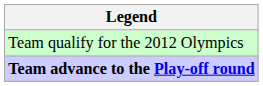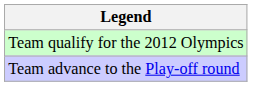 <table class="wikitable">
 <tr>
 <th>Legend</th>
 </tr>
 <tr bgcolor=#ccffcc>
 <td>Team qualify for the 2012 Olympics</td>
 </tr>
 <tr bgcolor=#ccccff>
-<td><strong>Team advance to the <a href='#'>Play-off round</a></strong></td>
+<td>Team advance to the <a href='#'>Play-off round</a></td>
 </tr>
 </table>
